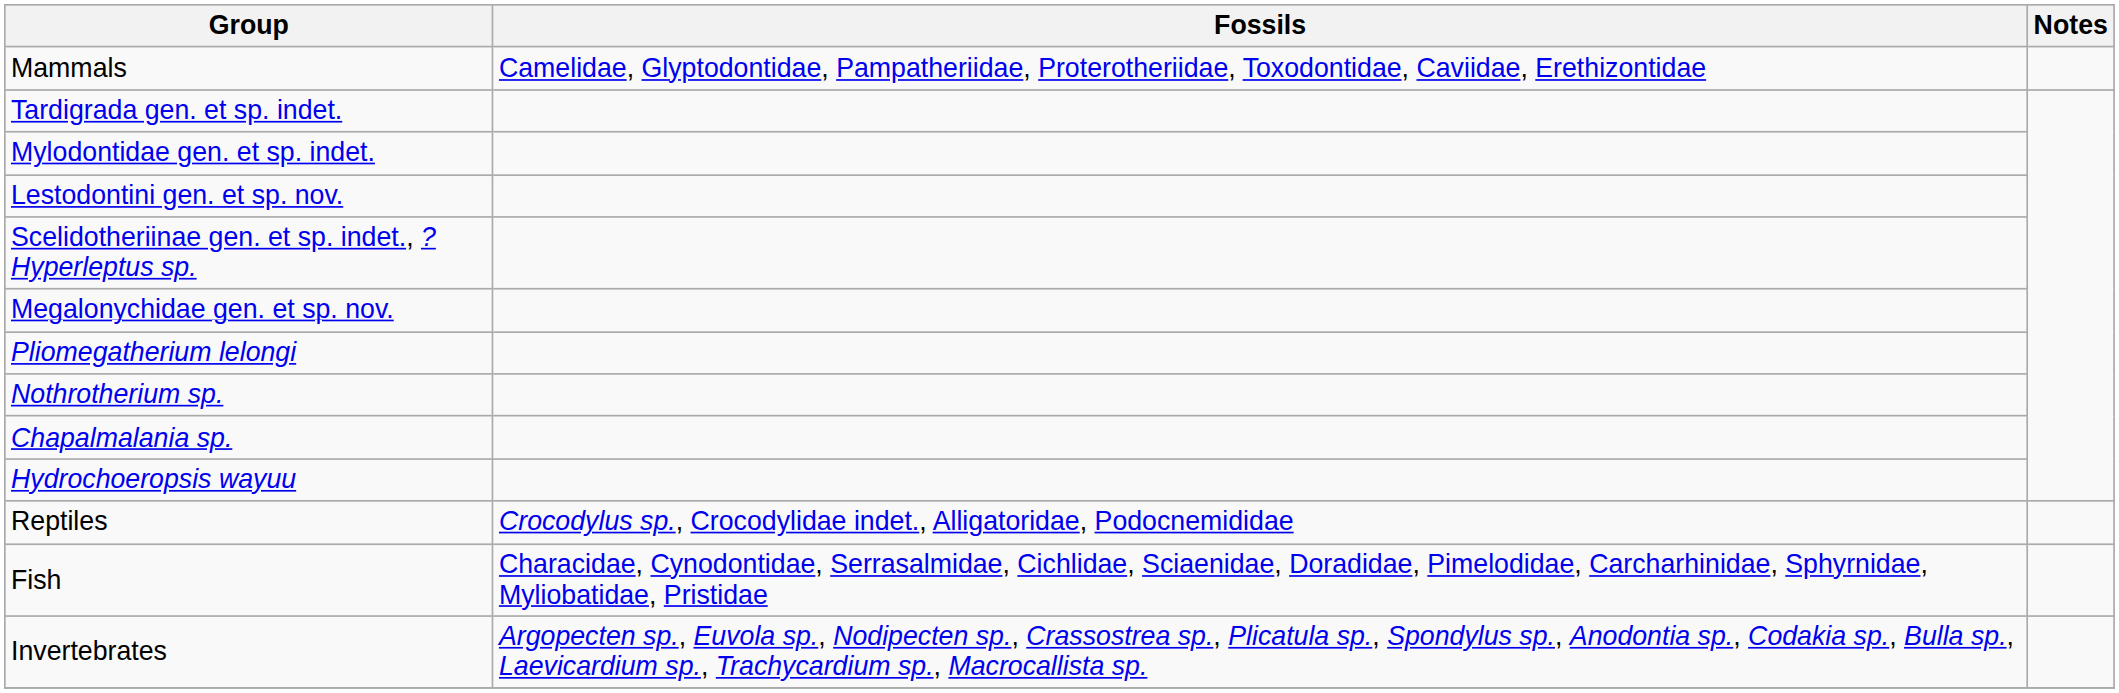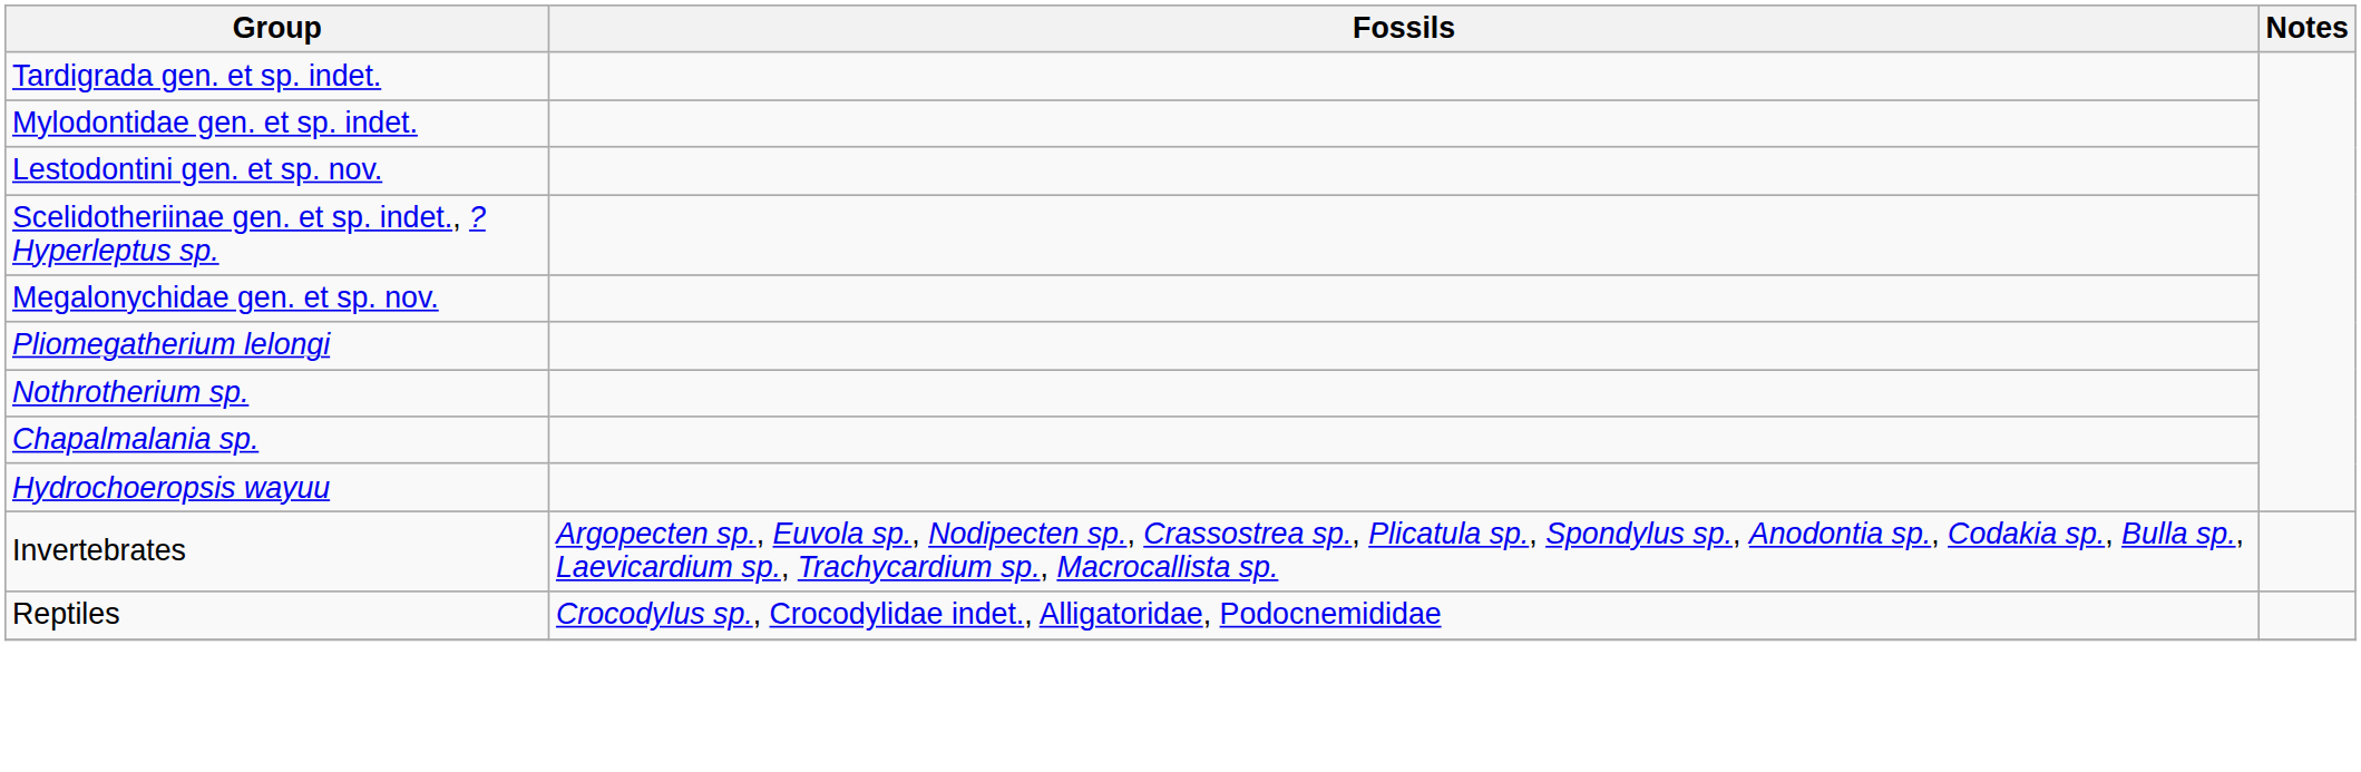 <table class="wikitable sortable mw-collapsible" width=100%>
 <tr>
 <th>Group</th>
 <th>Fossils</th>
 <th>Notes</th>
-</tr>
-<tr>
-<td style="background-color: ">Mammals</td>
-<td><a href='#'>Camelidae</a>, <a href='#'>Glyptodontidae</a>, <a href='#'>Pampatheriidae</a>, <a href='#'>Proterotheriidae</a>, <a href='#'>Toxodontidae</a>, <a href='#'>Caviidae</a>, <a href='#'>Erethizontidae</a></td>
-<td></td>
 </tr>
 <tr>
 <td><a href='#'>Tardigrada gen. et sp. indet.</a></td>
 <td></td>
 </tr>
 <tr>
 <td><a href='#'>Mylodontidae gen. et sp. indet.</a></td>
 <td></td>
 </tr>
 <tr>
 <td><a href='#'>Lestodontini gen. et sp. nov.</a></td>
 <td></td>
 </tr>
 <tr>
 <td><a href='#'>Scelidotheriinae gen. et sp. indet.</a>, <em><a href='#'>?Hyperleptus sp.</a></em></td>
 <td></td>
 </tr>
 <tr>
 <td><a href='#'>Megalonychidae gen. et sp. nov.</a></td>
 <td></td>
 </tr>
 <tr>
 <td><em><a href='#'>Pliomegatherium lelongi</a></em></td>
 <td></td>
 </tr>
 <tr>
 <td><em><a href='#'>Nothrotherium sp.</a></em></td>
 <td></td>
 </tr>
 <tr>
 <td><em><a href='#'>Chapalmalania sp.</a></em></td>
 <td></td>
 </tr>
 <tr>
 <td><em><a href='#'>Hydrochoeropsis wayuu</a></em></td>
 <td></td>
 </tr>
 <tr>
+<td style="background-color: ">Invertebrates</td>
+<td><em><a href='#'>Argopecten sp.</a></em>, <em><a href='#'>Euvola sp.</a></em>, <em><a href='#'>Nodipecten sp.</a></em>, <em><a href='#'>Crassostrea sp.</a></em>, <em><a href='#'>Plicatula sp.</a></em>, <em><a href='#'>Spondylus sp.</a></em>, <em><a href='#'>Anodontia sp.</a></em>, <em><a href='#'>Codakia sp.</a></em>, <em><a href='#'>Bulla sp.</a></em>, <em><a href='#'>Laevicardium sp.</a></em>, <em><a href='#'>Trachycardium sp.</a></em>, <em><a href='#'>Macrocallista sp.</a></em></td>
+<td></td>
+</tr>
+<tr>
 <td style="background-color: ">Reptiles</td>
 <td><em><a href='#'>Crocodylus sp.</a></em>, <a href='#'>Crocodylidae indet.</a>, <a href='#'>Alligatoridae</a>, <a href='#'>Podocnemididae</a></td>
 <td></td>
 </tr>
 <tr>
-<td style="background-color: ">Fish</td>
-<td><a href='#'>Characidae</a>, <a href='#'>Cynodontidae</a>, <a href='#'>Serrasalmidae</a>, <a href='#'>Cichlidae</a>, <a href='#'>Sciaenidae</a>, <a href='#'>Doradidae</a>, <a href='#'>Pimelodidae</a>, <a href='#'>Carcharhinidae</a>, <a href='#'>Sphyrnidae</a>, <a href='#'>Myliobatidae</a>, <a href='#'>Pristidae</a></td>
-<td></td>
-</tr>
-<tr>
-<td style="background-color: ">Invertebrates</td>
-<td><em><a href='#'>Argopecten sp.</a></em>, <em><a href='#'>Euvola sp.</a></em>, <em><a href='#'>Nodipecten sp.</a></em>, <em><a href='#'>Crassostrea sp.</a></em>, <em><a href='#'>Plicatula sp.</a></em>, <em><a href='#'>Spondylus sp.</a></em>, <em><a href='#'>Anodontia sp.</a></em>, <em><a href='#'>Codakia sp.</a></em>, <em><a href='#'>Bulla sp.</a></em>, <em><a href='#'>Laevicardium sp.</a></em>, <em><a href='#'>Trachycardium sp.</a></em>, <em><a href='#'>Macrocallista sp.</a></em></td>
-<td></td>
-</tr>
-<tr>
 </tr>
 </table>
